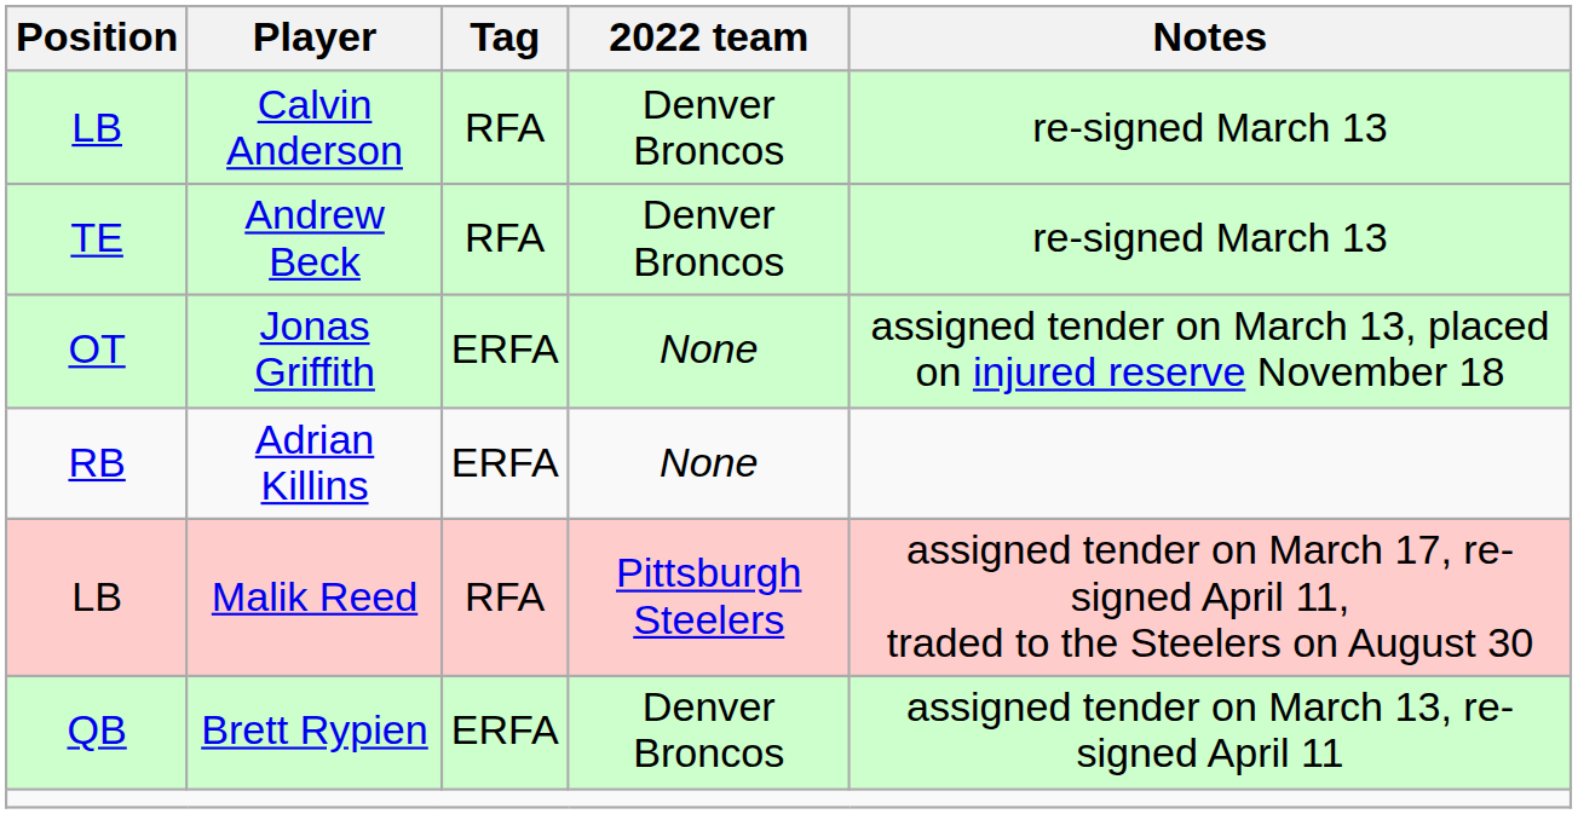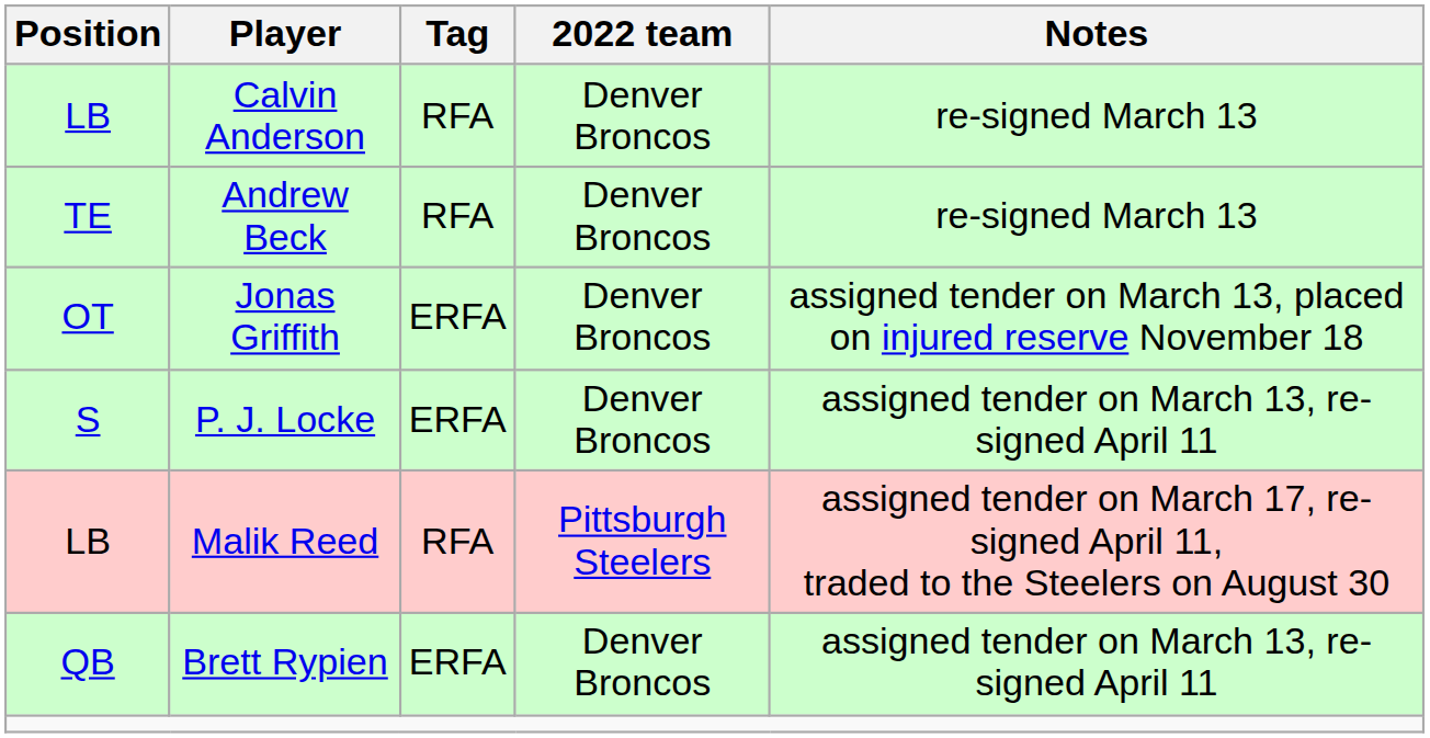 <table class="wikitable" style="text-align:center">
 <tr>
 <th>Position</th>
 <th>Player</th>
 <th>Tag</th>
 <th>2022 team</th>
 <th>Notes</th>
 </tr>
 <tr style="background:#cfc">
 <td><a href='#'>LB</a></td>
 <td><a href='#'>Calvin Anderson</a></td>
 <td>RFA</td>
 <td>Denver Broncos</td>
 <td>re-signed March 13</td>
 </tr>
 <tr style="background:#cfc">
 <td><a href='#'>TE</a></td>
 <td><a href='#'>Andrew Beck</a></td>
 <td>RFA</td>
 <td>Denver Broncos</td>
 <td>re-signed March 13</td>
 </tr>
 <tr style="background:#cfc">
 <td><a href='#'>OT</a></td>
 <td><a href='#'>Jonas Griffith</a></td>
 <td>ERFA</td>
-<td><em>None</em></td>
+<td>Denver Broncos</td>
 <td>assigned tender on March 13, placed on <a href='#'>injured reserve</a> November 18</td>
 </tr>
-<tr style="background:#">
-<td><a href='#'>RB</a></td>
-<td><a href='#'>Adrian Killins</a></td>
+<tr style="background:#cfc">
+<td><a href='#'>S</a></td>
+<td><a href='#'>P. J. Locke</a></td>
 <td>ERFA</td>
-<td><em>None</em></td>
-<td></td>
+<td>Denver Broncos</td>
+<td>assigned tender on March 13, re-signed April 11</td>
 </tr>
 <tr style="background:#fcc">
 <td>LB</td>
 <td><a href='#'>Malik Reed</a></td>
 <td>RFA</td>
 <td><a href='#'>Pittsburgh Steelers</a></td>
 <td>assigned tender on March 17, re-signed April 11,<br>traded to the Steelers on August 30</td>
 </tr>
 <tr style="background:#cfc">
 <td><a href='#'>QB</a></td>
 <td><a href='#'>Brett Rypien</a></td>
 <td>ERFA</td>
 <td>Denver Broncos</td>
 <td>assigned tender on March 13, re-signed April 11</td>
 </tr>
 <tr>
 <td colspan=5></td>
 </tr>
 </table>
